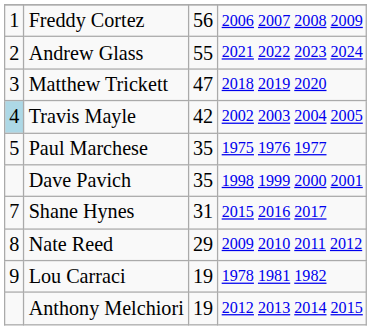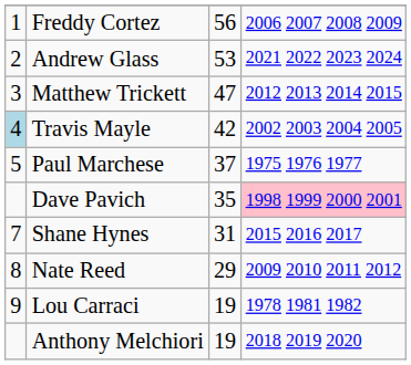 <table class="wikitable" style="display:inline-table;">
 <tr>
 </tr>
 <tr>
 <td>1</td>
 <td>Freddy Cortez</td>
 <td>56</td>
 <td style="font-size:80%;"><a href='#'>2006</a> <a href='#'>2007</a> <a href='#'>2008</a> <a href='#'>2009</a></td>
 </tr>
 <tr>
 <td>2</td>
 <td>Andrew Glass</td>
-<td>55</td>
+<td>53</td>
 <td style="font-size:80%;"><a href='#'>2021</a> <a href='#'>2022</a> <a href='#'>2023</a> <a href='#'>2024</a></td>
 </tr>
 <tr>
 <td>3</td>
 <td>Matthew Trickett</td>
 <td>47</td>
-<td style="font-size:80%;"><a href='#'>2018</a> <a href='#'>2019</a> <a href='#'>2020</a></td>
+<td style="font-size:80%;"><a href='#'>2012</a> <a href='#'>2013</a> <a href='#'>2014</a> <a href='#'>2015</a></td>
 </tr>
 <tr>
 <td style="background: lightblue;">4</td>
 <td>Travis Mayle</td>
 <td>42</td>
 <td style="font-size:80%;"><a href='#'>2002</a> <a href='#'>2003</a> <a href='#'>2004</a> <a href='#'>2005</a></td>
 </tr>
 <tr>
 <td>5</td>
 <td>Paul Marchese</td>
-<td>35</td>
+<td>37</td>
 <td style="font-size:80%;"><a href='#'>1975</a> <a href='#'>1976</a> <a href='#'>1977</a></td>
 </tr>
 <tr>
 <td></td>
 <td>Dave Pavich</td>
 <td>35</td>
-<td style="font-size:80%;"><a href='#'>1998</a> <a href='#'>1999</a> <a href='#'>2000</a> <a href='#'>2001</a></td>
+<td style="background: pink; font-size:80%;"><a href='#'>1998</a> <a href='#'>1999</a> <a href='#'>2000</a> <a href='#'>2001</a></td>
 </tr>
 <tr>
 <td>7</td>
 <td>Shane Hynes</td>
 <td>31</td>
 <td style="font-size:80%;"><a href='#'>2015</a> <a href='#'>2016</a> <a href='#'>2017</a></td>
 </tr>
 <tr>
 <td>8</td>
 <td>Nate Reed</td>
 <td>29</td>
 <td style="font-size:80%;"><a href='#'>2009</a> <a href='#'>2010</a> <a href='#'>2011</a> <a href='#'>2012</a></td>
 </tr>
 <tr>
 <td>9</td>
 <td>Lou Carraci</td>
 <td>19</td>
 <td style="font-size:80%;"><a href='#'>1978</a> <a href='#'>1981</a> <a href='#'>1982</a></td>
 </tr>
 <tr>
 <td></td>
 <td>Anthony Melchiori</td>
 <td>19</td>
-<td style="font-size:80%;"><a href='#'>2012</a> <a href='#'>2013</a> <a href='#'>2014</a> <a href='#'>2015</a></td>
+<td style="font-size:80%;"><a href='#'>2018</a> <a href='#'>2019</a> <a href='#'>2020</a></td>
 </tr>
 </table>
